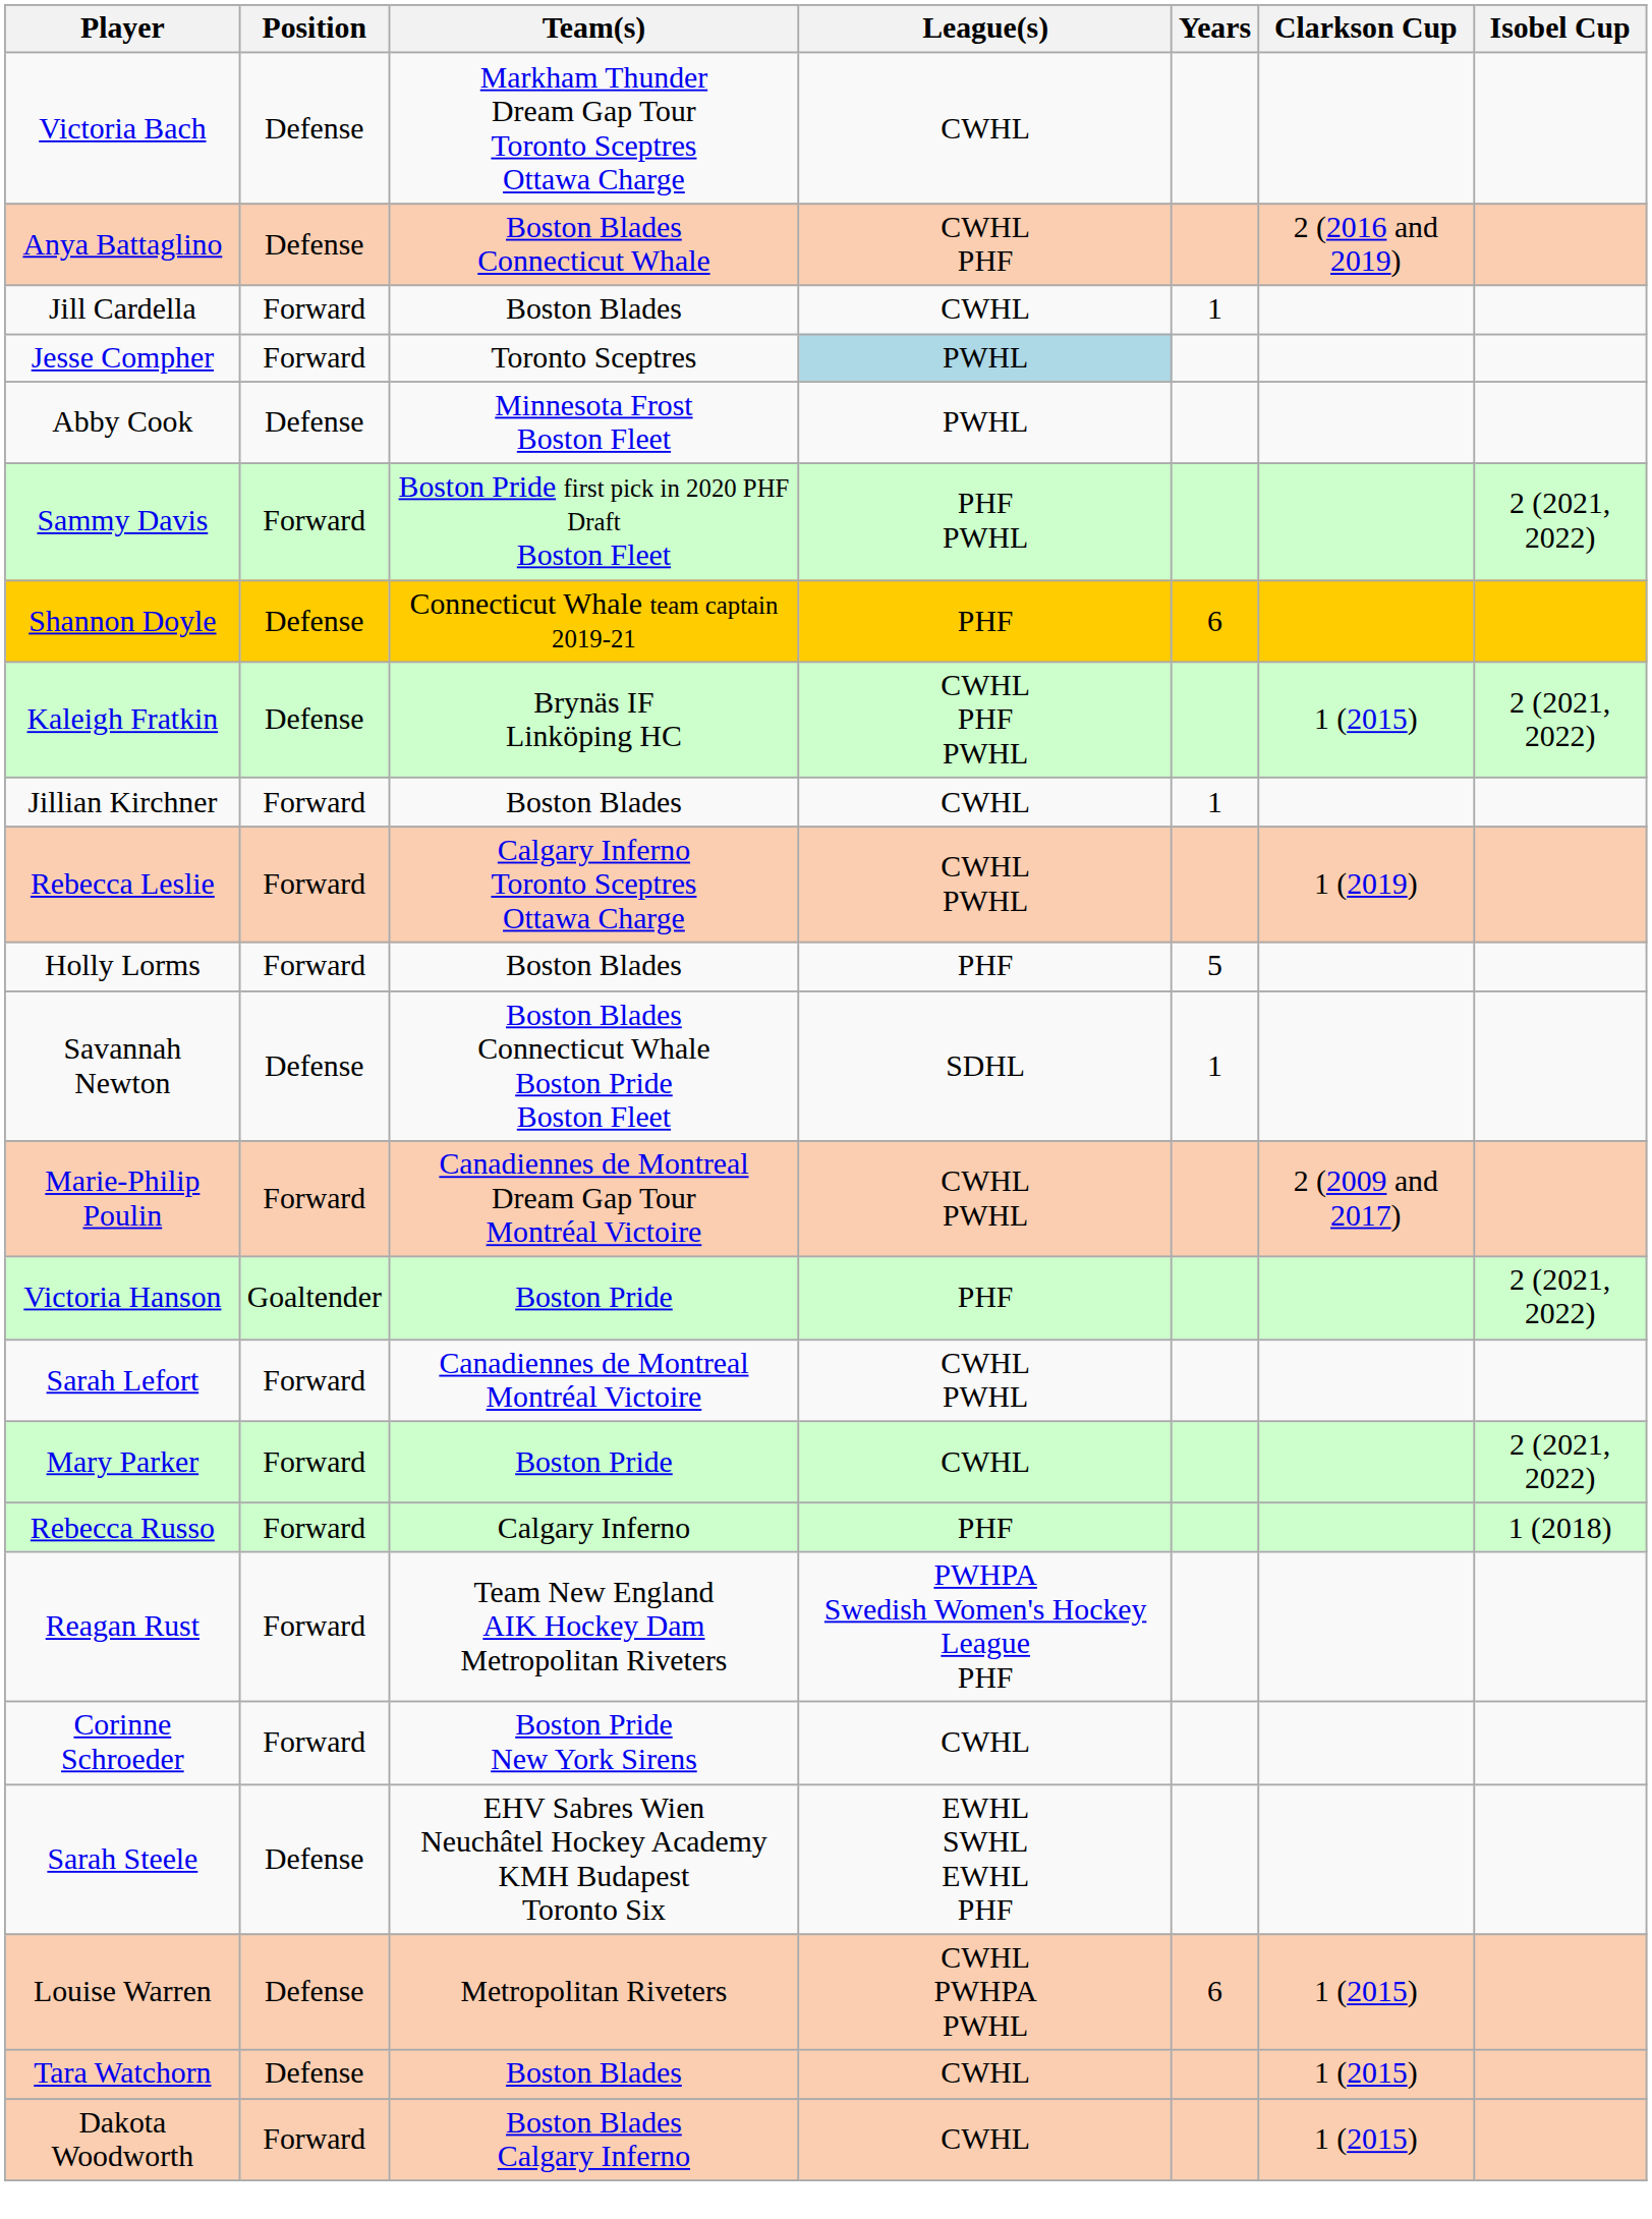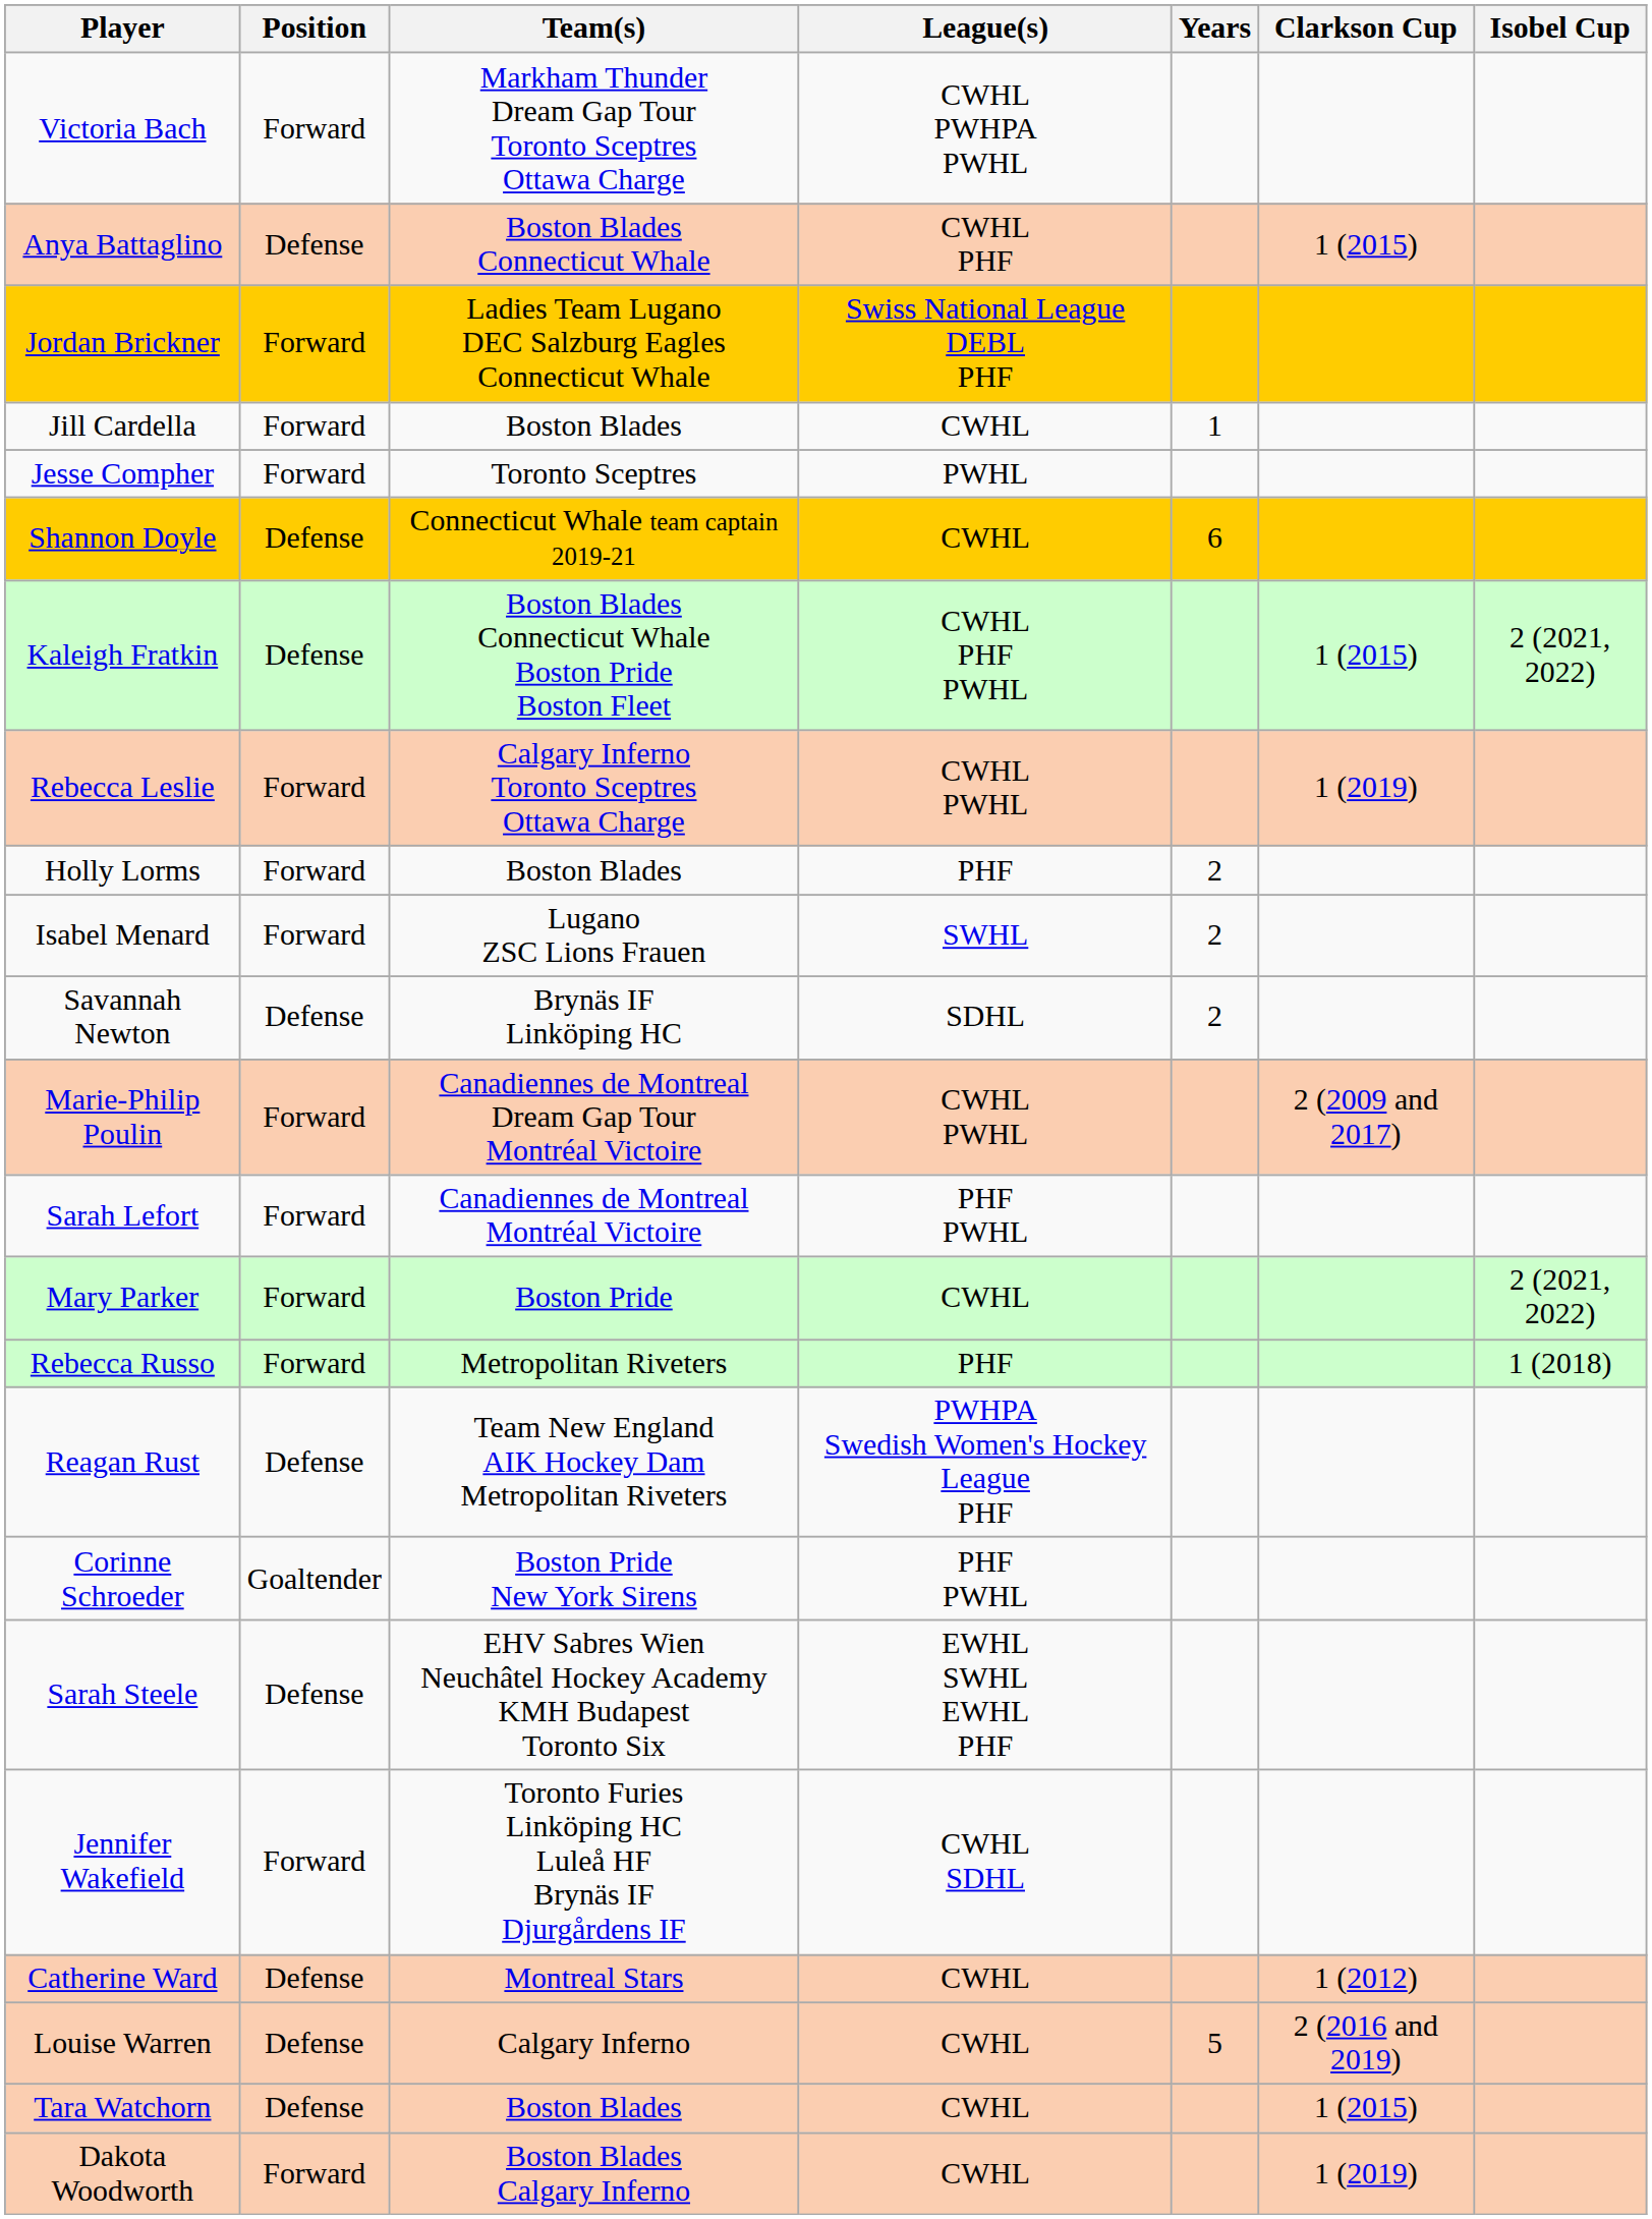 <table class="wikitable sortable" style="text-align:center;">
 <tr>
 <th>Player</th>
 <th>Position</th>
 <th>Team(s)</th>
 <th>League(s)</th>
 <th>Years</th>
 <th>Clarkson Cup</th>
 <th>Isobel Cup</th>
 </tr>
 <tr align="center" bgcolor="">
 <td><a href='#'>Victoria Bach</a></td>
-<td>Defense</td>
+<td>Forward</td>
 <td><a href='#'>Markham Thunder</a><br>Dream Gap Tour<br><a href='#'>Toronto Sceptres</a><br><a href='#'>Ottawa Charge</a></td>
-<td>CWHL</td>
+<td>CWHL<br>PWHPA<br>PWHL</td>
 <td></td>
 <td></td>
 <td></td>
 </tr>
 <tr bgcolor=FBCEB1>
 <td><a href='#'>Anya Battaglino</a></td>
 <td>Defense</td>
 <td><a href='#'>Boston Blades</a><br><a href='#'>Connecticut Whale</a></td>
 <td>CWHL<br>PHF</td>
 <td></td>
-<td>2 (<a href='#'>2016</a> and <a href='#'>2019</a>)</td>
+<td>1 (<a href='#'>2015</a>)</td>
+<td></td>
+</tr>
+<tr bgcolor=FFCC00>
+<td><a href='#'>Jordan Brickner</a></td>
+<td>Forward</td>
+<td>Ladies Team Lugano<br>DEC Salzburg Eagles<br>Connecticut Whale</td>
+<td><a href='#'>Swiss National League</a><br><a href='#'>DEBL</a><br>PHF</td>
+<td></td>
+<td></td>
 <td></td>
 </tr>
 <tr align="center" bgcolor="">
 <td>Jill Cardella</td>
 <td>Forward</td>
 <td>Boston Blades</td>
 <td>CWHL</td>
 <td>1</td>
 <td></td>
 <td></td>
 </tr>
 <tr>
 <td><a href='#'>Jesse Compher</a></td>
 <td>Forward</td>
 <td>Toronto Sceptres</td>
-<td style="background: lightblue;">PWHL</td>
-<td></td>
-<td></td>
-<td></td>
-</tr>
-<tr align="center" bgcolor="">
-<td>Abby Cook</td>
-<td>Defense</td>
-<td><a href='#'>Minnesota Frost</a><br><a href='#'>Boston Fleet</a></td>
 <td>PWHL</td>
 <td></td>
 <td></td>
 <td></td>
 </tr>
-<tr bgcolor= CCFFCC>
-<td><a href='#'>Sammy Davis</a></td>
-<td>Forward</td>
-<td><a href='#'>Boston Pride</a> <small>first pick in 2020 PHF Draft</small><br><a href='#'>Boston Fleet</a></td>
-<td>PHF<br>PWHL</td>
-<td></td>
-<td></td>
-<td>2 (2021, 2022)</td>
-</tr>
 <tr bgcolor=FFCC00>
 <td><a href='#'>Shannon Doyle</a></td>
 <td>Defense</td>
 <td>Connecticut Whale <small>team captain 2019-21</small></td>
-<td>PHF</td>
+<td>CWHL</td>
 <td>6</td>
 <td></td>
 <td></td>
 </tr>
 <tr bgcolor= CCFFCC>
 <td><a href='#'>Kaleigh Fratkin</a></td>
 <td>Defense</td>
-<td>Brynäs IF<br>Linköping HC</td>
+<td><a href='#'>Boston Blades</a><br>Connecticut Whale<br><a href='#'>Boston Pride</a><br><a href='#'>Boston Fleet</a></td>
 <td>CWHL<br>PHF<br>PWHL</td>
 <td></td>
 <td>1 (<a href='#'>2015</a>)</td>
 <td>2 (2021, 2022)</td>
-</tr>
-<tr bgcolor=>
-<td>Jillian Kirchner</td>
-<td>Forward</td>
-<td>Boston Blades</td>
-<td>CWHL</td>
-<td>1</td>
-<td></td>
-<td></td>
 </tr>
 <tr align="center" bgcolor="FBCEB1">
 <td><a href='#'>Rebecca Leslie</a></td>
 <td>Forward</td>
 <td><a href='#'>Calgary Inferno</a><br><a href='#'>Toronto Sceptres</a><br><a href='#'>Ottawa Charge</a></td>
 <td>CWHL<br>PWHL</td>
 <td></td>
 <td>1 (<a href='#'>2019</a>)</td>
 <td></td>
 </tr>
 <tr align="center" bgcolor="">
 <td>Holly Lorms</td>
 <td>Forward</td>
 <td>Boston Blades</td>
 <td>PHF</td>
-<td>5</td>
+<td>2</td>
+<td></td>
+<td></td>
+</tr>
+<tr align="center" bgcolor="">
+<td>Isabel Menard</td>
+<td>Forward</td>
+<td>Lugano<br>ZSC Lions Frauen</td>
+<td><a href='#'>SWHL</a></td>
+<td>2</td>
 <td></td>
 <td></td>
 </tr>
 <tr align="center" bgcolor="">
 <td>Savannah Newton</td>
 <td>Defense</td>
-<td><a href='#'>Boston Blades</a><br>Connecticut Whale<br><a href='#'>Boston Pride</a><br><a href='#'>Boston Fleet</a></td>
+<td>Brynäs IF<br>Linköping HC</td>
 <td>SDHL</td>
-<td>1</td>
+<td>2</td>
 <td></td>
 </tr>
 <tr align="center" bgcolor="FBCEB1">
 <td><a href='#'>Marie-Philip Poulin</a></td>
 <td>Forward</td>
 <td><a href='#'>Canadiennes de Montreal</a><br>Dream Gap Tour<br><a href='#'>Montréal Victoire</a></td>
 <td>CWHL<br>PWHL</td>
 <td></td>
 <td>2 (<a href='#'>2009</a> and <a href='#'>2017</a>)</td>
 <td></td>
 </tr>
-<tr bgcolor= CCFFCC>
-<td><a href='#'>Victoria Hanson</a></td>
-<td>Goaltender</td>
-<td><a href='#'>Boston Pride</a></td>
-<td>PHF</td>
-<td></td>
-<td></td>
-<td>2 (2021, 2022)</td>
-</tr>
 <tr align="center" bgcolor="">
 <td><a href='#'>Sarah Lefort</a></td>
 <td>Forward</td>
 <td><a href='#'>Canadiennes de Montreal</a><br><a href='#'>Montréal Victoire</a></td>
-<td>CWHL<br>PWHL</td>
+<td>PHF<br>PWHL</td>
 <td></td>
 <td></td>
 <td></td>
 </tr>
 <tr bgcolor="CCFFCC">
 <td><a href='#'>Mary Parker</a></td>
 <td>Forward</td>
 <td><a href='#'>Boston Pride</a></td>
 <td>CWHL</td>
 <td></td>
 <td></td>
 <td>2 (2021, 2022)</td>
 </tr>
 <tr bgcolor="CCFFCC">
 <td><a href='#'>Rebecca Russo</a></td>
 <td>Forward</td>
-<td>Calgary Inferno</td>
+<td>Metropolitan Riveters</td>
 <td>PHF</td>
 <td></td>
 <td></td>
 <td>1 (2018)</td>
 </tr>
 <tr align="center" bgcolor="">
 <td><a href='#'>Reagan Rust</a></td>
-<td>Forward</td>
+<td>Defense</td>
 <td>Team New England<br><a href='#'>AIK Hockey Dam</a> <br> Metropolitan Riveters <br></td>
 <td><a href='#'>PWHPA</a><br><a href='#'>Swedish Women's Hockey League</a> <br>PHF</td>
 <td></td>
 <td></td>
 <td></td>
 </tr>
 <tr align="center" bgcolor="">
 <td><a href='#'>Corinne Schroeder</a></td>
-<td>Forward</td>
+<td>Goaltender</td>
 <td><a href='#'>Boston Pride</a><br><a href='#'>New York Sirens</a></td>
-<td>CWHL</td>
+<td>PHF<br>PWHL</td>
 <td></td>
 <td></td>
 <td></td>
 </tr>
 <tr align="center" bgcolor="">
 <td><a href='#'>Sarah Steele</a></td>
 <td>Defense</td>
 <td>EHV Sabres Wien<br>Neuchâtel Hockey Academy<br>KMH Budapest<br>Toronto Six</td>
 <td>EWHL<br>SWHL<br>EWHL<br>PHF</td>
 <td></td>
 <td></td>
 <td></td>
 </tr>
+<tr align="center" bgcolor="">
+<td><a href='#'>Jennifer Wakefield</a></td>
+<td>Forward</td>
+<td>Toronto Furies<br>Linköping HC<br>Luleå HF<br>Brynäs IF<br><a href='#'>Djurgårdens IF</a></td>
+<td>CWHL<br><a href='#'>SDHL</a></td>
+<td></td>
+<td></td>
+<td></td>
+</tr>
+<tr bgcolor= FBCEB1>
+<td><a href='#'>Catherine Ward</a></td>
+<td>Defense</td>
+<td><a href='#'>Montreal Stars</a></td>
+<td>CWHL</td>
+<td></td>
+<td>1 (<a href='#'>2012</a>)</td>
+<td></td>
+</tr>
 <tr bgcolor= FBCEB1>
 <td>Louise Warren</td>
 <td>Defense</td>
-<td>Metropolitan Riveters</td>
-<td>CWHL<br>PWHPA<br>PWHL</td>
-<td>6</td>
-<td>1 (<a href='#'>2015</a>)</td>
+<td>Calgary Inferno</td>
+<td>CWHL</td>
+<td>5</td>
+<td>2 (<a href='#'>2016</a> and <a href='#'>2019</a>)</td>
 <td></td>
 </tr>
 <tr bgcolor= FBCEB1>
 <td><a href='#'>Tara Watchorn</a></td>
 <td>Defense</td>
 <td><a href='#'>Boston Blades</a></td>
 <td>CWHL</td>
 <td></td>
 <td>1 (<a href='#'>2015</a>)</td>
 <td></td>
 </tr>
 <tr bgcolor=FBCEB1>
 <td>Dakota Woodworth</td>
 <td>Forward</td>
 <td><a href='#'>Boston Blades</a><br><a href='#'>Calgary Inferno</a></td>
 <td>CWHL</td>
 <td></td>
-<td>1 (<a href='#'>2015</a>)</td>
+<td>1 (<a href='#'>2019</a>)</td>
 <td></td>
 </tr>
 </table>
